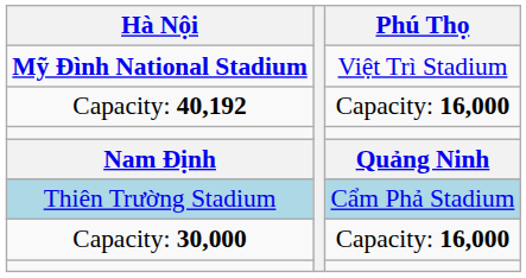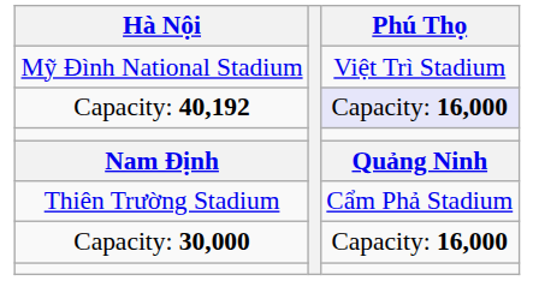 <table class="wikitable" style="margin:1em auto; text-align:center;">
 <tr>
 <th><a href='#'>Hà Nội</a></th>
 <th rowspan="8"></th>
 <th><a href='#'>Phú Thọ</a></th>
 </tr>
 <tr>
-<td><strong><a href='#'>Mỹ Đình National Stadium</a></strong></td>
+<td><a href='#'>Mỹ Đình National Stadium</a></td>
 <td><a href='#'>Việt Trì Stadium</a></td>
 </tr>
 <tr>
 <td>Capacity: <strong>40,192</strong></td>
-<td>Capacity: <strong>16,000</strong></td>
+<td style="background: lavender;">Capacity: <strong>16,000</strong></td>
 </tr>
 <tr>
 <td></td>
 <td></td>
 </tr>
 <tr>
 <th><a href='#'>Nam Định</a></th>
 <th><a href='#'>Quảng Ninh</a></th>
 </tr>
 <tr>
-<td style="background: lightblue;"><a href='#'>Thiên Trường Stadium</a></td>
-<td style="background: lightblue;"><a href='#'>Cẩm Phả Stadium</a></td>
+<td><a href='#'>Thiên Trường Stadium</a></td>
+<td><a href='#'>Cẩm Phả Stadium</a></td>
 </tr>
 <tr>
 <td>Capacity: <strong>30,000</strong></td>
 <td>Capacity: <strong>16,000</strong></td>
 </tr>
 <tr>
 <td></td>
 <td></td>
 </tr>
 </table>
